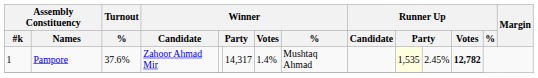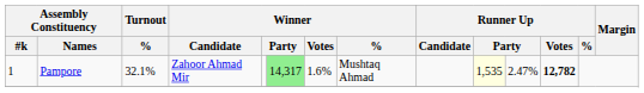 <table class="wikitable sortable">
 <tr>
 <th colspan="2">Assembly Constituency</th>
 <th>Turnout</th>
 <th colspan="5">Winner</th>
 <th colspan="5">Runner Up</th>
 <th rowspan="2" data-sort-type=number>Margin</th>
 </tr>
 <tr>
 <th>#k</th>
 <th>Names</th>
 <th>%</th>
 <th>Candidate</th>
 <th colspan="2">Party</th>
 <th data-sort-type=number>Votes</th>
 <th>%</th>
 <th>Candidate</th>
 <th colspan="2">Party</th>
 <th data-sort-type=number>Votes</th>
 <th>%</th>
 </tr>
 <tr>
 <td>1</td>
 <td><a href='#'>Pampore</a></td>
-<td>37.6%</td>
+<td>32.1%</td>
 <td><a href='#'>Zahoor Ahmad Mir</a></td>
 <td></td>
-<td>14,317</td>
-<td>1.4%</td>
+<td style="background: lightgreen;">14,317</td>
+<td>1.6%</td>
 <td>Mushtaq Ahmad</td>
 <td></td>
 <td style="background: lightyellow;">1,535</td>
-<td>2.45%</td>
+<td>2.47%</td>
 <td style="background:"><span><strong>12,782</strong></span></td>
 </tr>
 <tr>
 </tr>
 </table>
